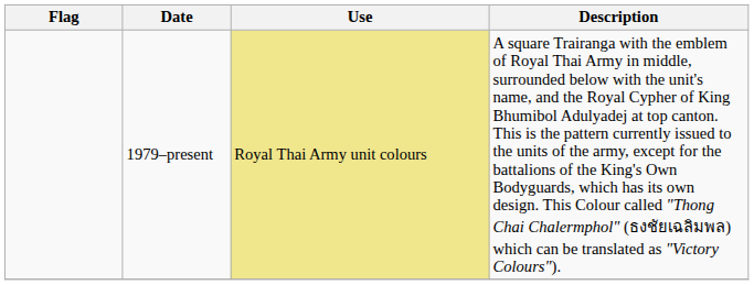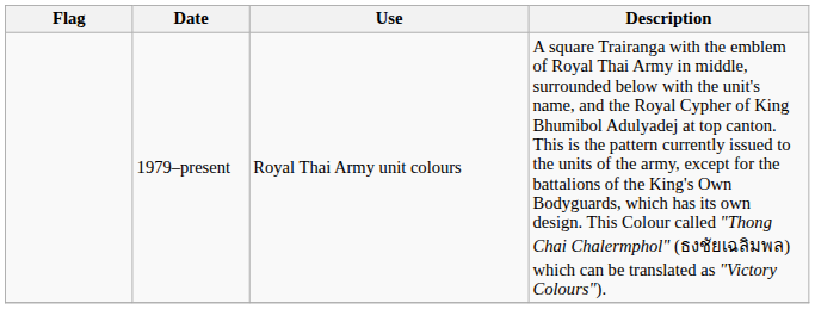 <table class="wikitable">
 <tr>
 <th width="110">Flag</th>
 <th width="100">Date</th>
 <th width="250">Use</th>
 <th width="250">Description</th>
 </tr>
 <tr>
 <td></td>
 <td>1979–present</td>
-<td style="background: khaki;">Royal Thai Army unit colours</td>
+<td>Royal Thai Army unit colours</td>
 <td>A square Trairanga with the emblem of Royal Thai Army in middle, surrounded below with the unit's name, and the Royal Cypher of King Bhumibol Adulyadej at top canton. This is the pattern currently issued to the units of the army, except for the battalions of the King's Own Bodyguards, which has its own design. This Colour called <em>"Thong Chai Chalermphol"</em> (ธงชัยเฉลิมพล) which can be translated as <em>"Victory Colours"</em>).</td>
 </tr>
 <tr>
 </tr>
 </table>
